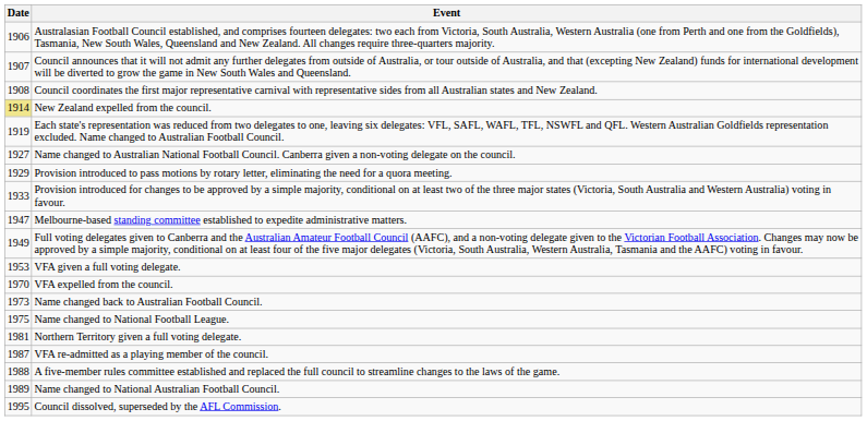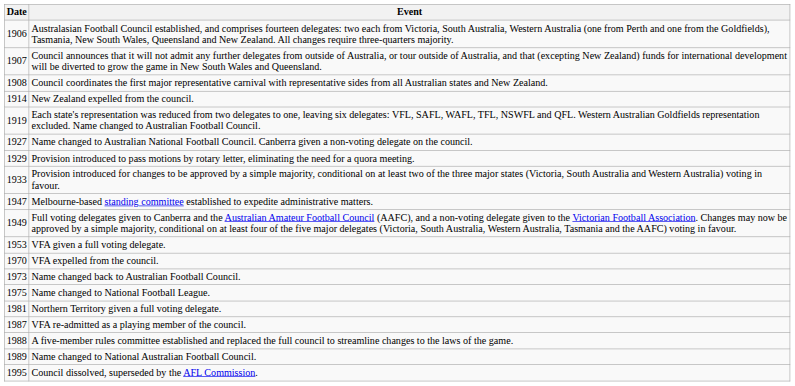 <table class="wikitable">
 <tr>
 <th>Date</th>
 <th>Event</th>
 </tr>
 <tr>
 <td>1906</td>
 <td>Australasian Football Council established, and comprises fourteen delegates: two each from Victoria, South Australia, Western Australia (one from Perth and one from the Goldfields), Tasmania, New South Wales, Queensland and New Zealand. All changes require three-quarters majority.</td>
 </tr>
 <tr>
 <td>1907</td>
 <td>Council announces that it will not admit any further delegates from outside of Australia, or tour outside of Australia, and that (excepting New Zealand) funds for international development will be diverted to grow the game in New South Wales and Queensland.</td>
 </tr>
 <tr>
 <td>1908</td>
 <td>Council coordinates the first major representative carnival with representative sides from all Australian states and New Zealand.</td>
 </tr>
 <tr>
-<td style="background: khaki;">1914</td>
+<td>1914</td>
 <td>New Zealand expelled from the council.</td>
 </tr>
 <tr>
 <td>1919</td>
 <td>Each state's representation was reduced from two delegates to one, leaving six delegates: VFL, SAFL, WAFL, TFL, NSWFL and QFL. Western Australian Goldfields representation excluded. Name changed to Australian Football Council.</td>
 </tr>
 <tr>
 <td>1927</td>
 <td>Name changed to Australian National Football Council. Canberra given a non-voting delegate on the council.</td>
 </tr>
 <tr>
 <td>1929</td>
 <td>Provision introduced to pass motions by rotary letter, eliminating the need for a quora meeting.</td>
 </tr>
 <tr>
 <td>1933</td>
 <td>Provision introduced for changes to be approved by a simple majority, conditional on at least two of the three major states (Victoria, South Australia and Western Australia) voting in favour.</td>
 </tr>
 <tr>
 <td>1947</td>
 <td>Melbourne-based <a href='#'>standing committee</a> established to expedite administrative matters.</td>
 </tr>
 <tr>
 <td>1949</td>
 <td>Full voting delegates given to Canberra and the <a href='#'>Australian Amateur Football Council</a> (AAFC), and a non-voting delegate given to the <a href='#'>Victorian Football Association</a>. Changes may now be approved by a simple majority, conditional on at least four of the five major delegates (Victoria, South Australia, Western Australia, Tasmania and the AAFC) voting in favour.</td>
 </tr>
 <tr>
 <td>1953</td>
 <td>VFA given a full voting delegate.</td>
 </tr>
 <tr>
 <td>1970</td>
 <td>VFA expelled from the council.</td>
 </tr>
 <tr>
 <td>1973</td>
 <td>Name changed back to Australian Football Council.</td>
 </tr>
 <tr>
 <td>1975</td>
 <td>Name changed to National Football League.</td>
 </tr>
 <tr>
 <td>1981</td>
 <td>Northern Territory given a full voting delegate.</td>
 </tr>
 <tr>
 <td>1987</td>
 <td>VFA re-admitted as a playing member of the council.</td>
 </tr>
 <tr>
 <td>1988</td>
 <td>A five-member rules committee established and replaced the full council to streamline changes to the laws of the game.</td>
 </tr>
 <tr>
 <td>1989</td>
 <td>Name changed to National Australian Football Council.</td>
 </tr>
 <tr>
 <td>1995</td>
 <td>Council dissolved, superseded by the <a href='#'>AFL Commission</a>.</td>
 </tr>
 </table>
